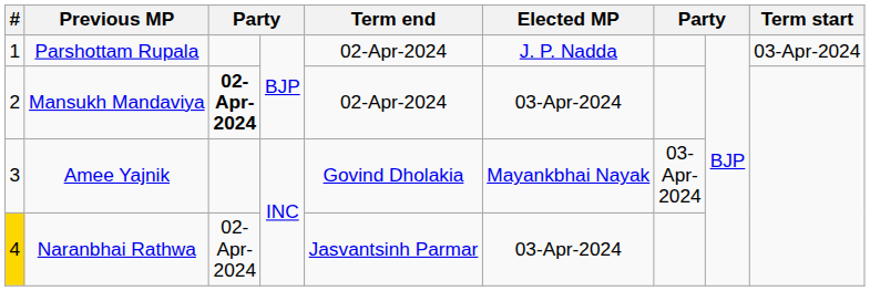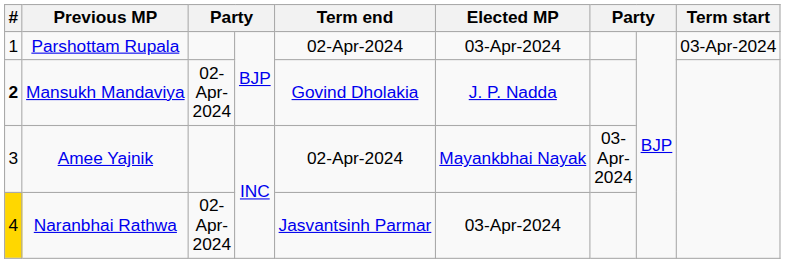 <table class="wikitable" style="text-align:center;">
 <tr>
 <th>#</th>
 <th>Previous MP</th>
 <th colspan="2">Party</th>
 <th>Term end</th>
 <th>Elected MP</th>
 <th colspan="2">Party</th>
 <th>Term start</th>
 </tr>
 <tr>
 <td>1</td>
 <td><a href='#'>Parshottam Rupala</a></td>
 <td width="1px"></td>
 <td rowspan=2><a href='#'>BJP</a></td>
 <td>02-Apr-2024</td>
-<td><a href='#'>J. P. Nadda</a></td>
+<td>03-Apr-2024</td>
 <td width="1px"></td>
 <td rowspan=4><a href='#'>BJP</a></td>
 <td>03-Apr-2024</td>
 </tr>
 <tr>
-<td>2</td>
+<td><strong>2</strong></td>
 <td><a href='#'>Mansukh Mandaviya</a></td>
-<td><strong>02-Apr-2024</strong></td>
 <td>02-Apr-2024</td>
-<td>03-Apr-2024</td>
+<td><a href='#'>Govind Dholakia</a></td>
+<td><a href='#'>J. P. Nadda</a></td>
 </tr>
 <tr>
 <td>3</td>
 <td><a href='#'>Amee Yajnik</a></td>
 <td width="1px"></td>
 <td rowspan=2><a href='#'>INC</a></td>
-<td><a href='#'>Govind Dholakia</a></td>
+<td>02-Apr-2024</td>
 <td><a href='#'>Mayankbhai Nayak</a></td>
 <td>03-Apr-2024</td>
 </tr>
 <tr>
 <td style="background: gold;">4</td>
 <td><a href='#'>Naranbhai Rathwa</a></td>
 <td>02-Apr-2024</td>
 <td><a href='#'>Jasvantsinh Parmar</a></td>
 <td>03-Apr-2024</td>
 </tr>
 </table>
